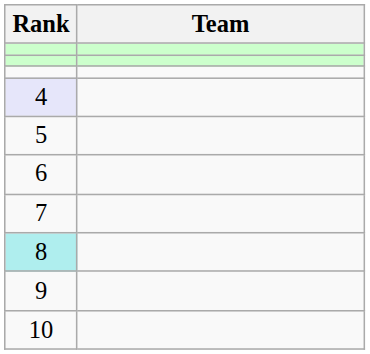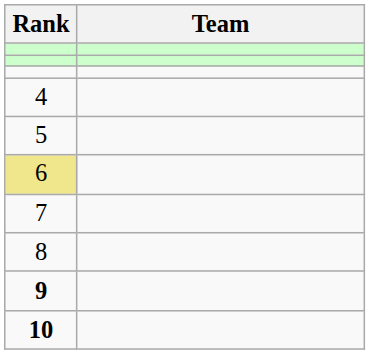 <table class="wikitable" style="text-align: center;">
 <tr>
 <th width=40>Rank</th>
 <th width=180>Team</th>
 </tr>
 <tr bgcolor=ccffcc>
 <td></td>
 <td align=left></td>
 </tr>
 <tr bgcolor=ccffcc>
 <td></td>
 <td align=left></td>
 </tr>
 <tr>
 <td></td>
 <td align=left></td>
 </tr>
 <tr>
-<td style="background: lavender;">4</td>
+<td>4</td>
 <td align=left></td>
 </tr>
 <tr>
 <td>5</td>
 <td align=left></td>
 </tr>
 <tr>
-<td>6</td>
+<td style="background: khaki;">6</td>
 <td align=left></td>
 </tr>
 <tr>
 <td>7</td>
 <td align=left></td>
 </tr>
 <tr>
-<td style="background: paleturquoise;">8</td>
+<td>8</td>
 <td align=left></td>
 </tr>
 <tr>
-<td>9</td>
+<td><strong>9</strong></td>
 <td align=left></td>
 </tr>
 <tr>
-<td>10</td>
+<td><strong>10</strong></td>
 <td align=left></td>
 </tr>
 </table>
